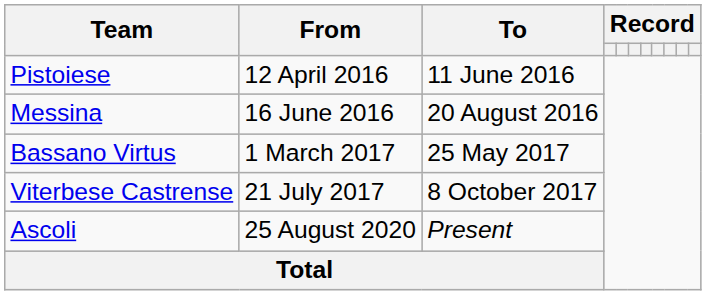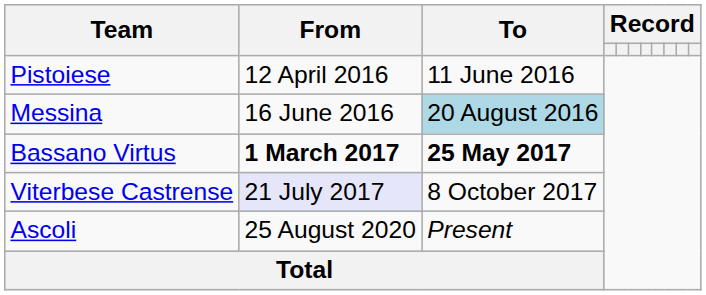 <table class="wikitable" style="text-align:center">
 <tr>
 <th rowspan="2">Team</th>
 <th rowspan="2">From</th>
 <th rowspan="2">To</th>
 <th colspan=8>Record</th>
 </tr>
 <tr>
 <th></th>
 <th></th>
 <th></th>
 <th></th>
 <th></th>
 <th></th>
 <th></th>
 <th></th>
 </tr>
 <tr>
 <td align=left><a href='#'>Pistoiese</a></td>
 <td align=left>12 April 2016</td>
 <td align=left>11 June 2016<br></td>
 </tr>
 <tr>
 <td align=left><a href='#'>Messina</a></td>
 <td align=left>16 June 2016</td>
-<td align=left>20 August 2016<br></td>
+<td align=left style="background: lightblue;">20 August 2016<br></td>
 </tr>
 <tr>
 <td align=left><a href='#'>Bassano Virtus</a></td>
-<td align=left>1 March 2017</td>
-<td align=left>25 May 2017<br></td>
+<td align=left><strong>1 March 2017</strong></td>
+<td align=left><strong>25 May 2017<br></strong></td>
 </tr>
 <tr>
 <td align=left><a href='#'>Viterbese Castrense</a></td>
-<td align=left>21 July 2017</td>
+<td align=left style="background: lavender;">21 July 2017</td>
 <td align=left>8 October 2017<br></td>
 </tr>
 <tr>
 <td align=left><a href='#'>Ascoli</a></td>
 <td align=left>25 August 2020</td>
 <td align=left><em>Present</em><br></td>
 </tr>
 <tr>
 <th colspan="3">Total<br></th>
 </tr>
 </table>
